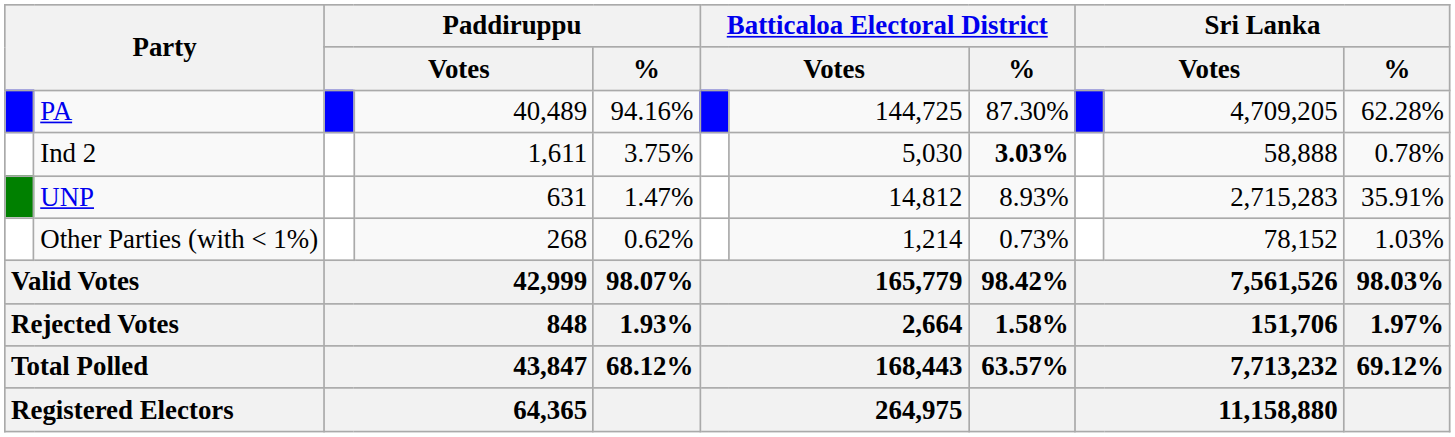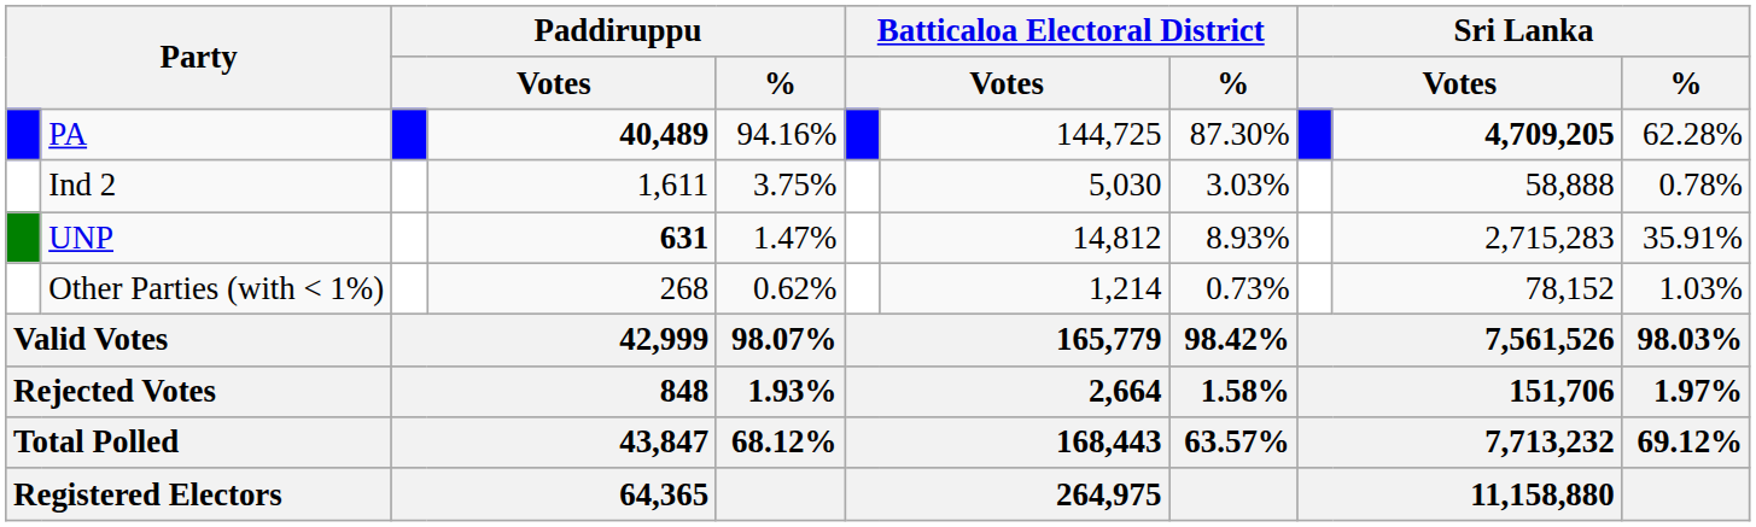 <table class="wikitable">
 <tr>
 <th colspan="2" width="144px"rowspan="2">Party</th>
 <th colspan="3" width="216px">Paddiruppu</th>
 <th colspan="3" width="216px"><a href='#'>Batticaloa Electoral District</a></th>
 <th colspan="3" width="216px">Sri Lanka</th>
 </tr>
 <tr>
 <th colspan="2" width="144px">Votes</th>
 <th>%</th>
 <th colspan="2" width="144px">Votes</th>
 <th>%</th>
 <th colspan="2" width="144px">Votes</th>
 <th>%</th>
 </tr>
 <tr>
 <td style="background-color:blue;" width="10px"></td>
 <td style="text-align:left;"><a href='#'>PA</a></td>
 <td style="background-color:blue;" width="10px"></td>
-<td style="text-align:right;">40,489</td>
+<td style="text-align:right;"><strong>40,489</strong></td>
 <td style="text-align:right;">94.16%</td>
 <td style="background-color:blue;" width="10px"></td>
 <td style="text-align:right;">144,725</td>
 <td style="text-align:right;">87.30%</td>
 <td style="background-color:blue;" width="10px"></td>
-<td style="text-align:right;">4,709,205</td>
+<td style="text-align:right;"><strong>4,709,205</strong></td>
 <td style="text-align:right;">62.28%</td>
 </tr>
 <tr>
 <td style="background-color:white;" width="10px"></td>
 <td style="text-align:left;">Ind 2</td>
 <td style="background-color:white;" width="10px"></td>
 <td style="text-align:right;">1,611</td>
 <td style="text-align:right;">3.75%</td>
 <td style="background-color:white;" width="10px"></td>
 <td style="text-align:right;">5,030</td>
-<td style="text-align:right;"><strong>3.03%</strong></td>
+<td style="text-align:right;">3.03%</td>
 <td style="background-color:white;" width="10px"></td>
 <td style="text-align:right;">58,888</td>
 <td style="text-align:right;">0.78%</td>
 </tr>
 <tr>
 <td style="background-color:green;" width="10px"></td>
 <td style="text-align:left;"><a href='#'>UNP</a></td>
 <td style="background-color:white;" width="10px"></td>
-<td style="text-align:right;">631</td>
+<td style="text-align:right;"><strong>631</strong></td>
 <td style="text-align:right;">1.47%</td>
 <td style="background-color:white;" width="10px"></td>
 <td style="text-align:right;">14,812</td>
 <td style="text-align:right;">8.93%</td>
 <td style="background-color:white;" width="10px"></td>
 <td style="text-align:right;">2,715,283</td>
 <td style="text-align:right;">35.91%</td>
 </tr>
 <tr>
 <td style="background-color:white;" width="10px"></td>
 <td style="text-align:left;">Other Parties (with < 1%)</td>
 <td style="background-color:white;" width="10px"></td>
 <td style="text-align:right;">268</td>
 <td style="text-align:right;">0.62%</td>
 <td style="background-color:white;" width="10px"></td>
 <td style="text-align:right;">1,214</td>
 <td style="text-align:right;">0.73%</td>
 <td style="background-color:white;" width="10px"></td>
 <td style="text-align:right;">78,152</td>
 <td style="text-align:right;">1.03%</td>
 </tr>
 <tr>
 <th colspan="2" width="144px"style="text-align:left;">Valid Votes</th>
 <th style="text-align:right;"colspan="2" width="144px">42,999</th>
 <th style="text-align:right;">98.07%</th>
 <th style="text-align:right;"colspan="2" width="144px">165,779</th>
 <th style="text-align:right;">98.42%</th>
 <th style="text-align:right;"colspan="2" width="144px">7,561,526</th>
 <th style="text-align:right;">98.03%</th>
 </tr>
 <tr>
 <th colspan="2" width="144px"style="text-align:left;">Rejected Votes</th>
 <th style="text-align:right;"colspan="2" width="144px">848</th>
 <th style="text-align:right;">1.93%</th>
 <th style="text-align:right;"colspan="2" width="144px">2,664</th>
 <th style="text-align:right;">1.58%</th>
 <th style="text-align:right;"colspan="2" width="144px">151,706</th>
 <th style="text-align:right;">1.97%</th>
 </tr>
 <tr>
 <th colspan="2" width="144px"style="text-align:left;">Total Polled</th>
 <th style="text-align:right;"colspan="2" width="144px">43,847</th>
 <th style="text-align:right;">68.12%</th>
 <th style="text-align:right;"colspan="2" width="144px">168,443</th>
 <th style="text-align:right;">63.57%</th>
 <th style="text-align:right;"colspan="2" width="144px">7,713,232</th>
 <th style="text-align:right;">69.12%</th>
 </tr>
 <tr>
 <th colspan="2" width="144px"style="text-align:left;">Registered Electors</th>
 <th style="text-align:right;"colspan="2" width="144px">64,365</th>
 <th></th>
 <th style="text-align:right;"colspan="2" width="144px">264,975</th>
 <th></th>
 <th style="text-align:right;"colspan="2" width="144px">11,158,880</th>
 <th></th>
 </tr>
 </table>
